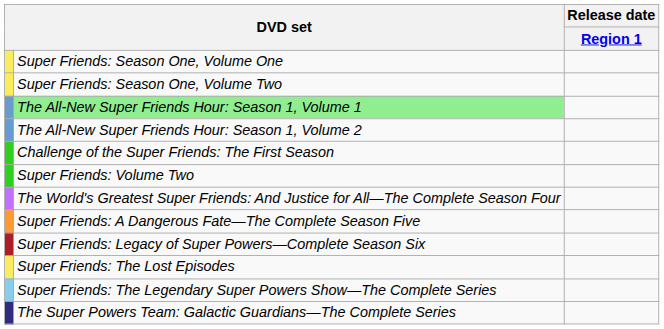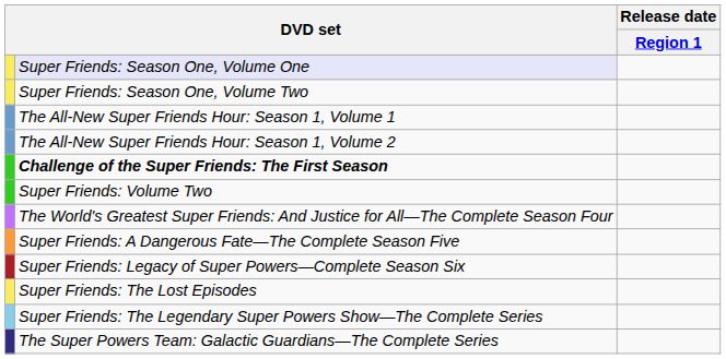 <table class=wikitable style="text-align:center">
 <tr>
 <th rowspan=2 colspan=2>DVD set</th>
 <th colspan=3>Release date</th>
 </tr>
 <tr>
 <th><a href='#'>Region 1</a></th>
 </tr>
 <tr>
 <td style="width:3px; background:#FBEC5C"></td>
-<td align=left><em>Super Friends: Season One, Volume One</em></td>
+<td align=left style="background: lavender;"><em>Super Friends: Season One, Volume One</em></td>
 <td></td>
 </tr>
 <tr>
 <td bgcolor="FBEC5C"></td>
 <td align=left><em>Super Friends: Season One, Volume Two</em></td>
 <td></td>
 </tr>
 <tr>
 <td bgcolor="689CCF"></td>
-<td align=left style="background: lightgreen;"><em>The All-New Super Friends Hour: Season 1, Volume 1</em></td>
+<td align=left><em>The All-New Super Friends Hour: Season 1, Volume 1</em></td>
 <td></td>
 </tr>
 <tr>
 <td bgcolor="689CCF"></td>
 <td align=left><em>The All-New Super Friends Hour: Season 1, Volume 2</em></td>
 <td></td>
 </tr>
 <tr>
 <td bgcolor="2FCE1F"></td>
-<td align=left><em>Challenge of the Super Friends: The First Season</em></td>
+<td align=left><strong><em>Challenge of the Super Friends: The First Season</em></strong></td>
 <td></td>
 </tr>
 <tr>
 <td bgcolor="2FCE1F"></td>
 <td align=left><em>Super Friends: Volume Two</em></td>
 <td></td>
 </tr>
 <tr>
 <td bgcolor="C271FF"></td>
 <td align=left><em>The World's Greatest Super Friends: And Justice for All—The Complete Season Four</em></td>
 <td></td>
 </tr>
 <tr>
 <td bgcolor="FF9933"></td>
 <td align=left><em>Super Friends: A Dangerous Fate—The Complete Season Five</em></td>
 <td></td>
 </tr>
 <tr>
 <td bgcolor="AE1C26"></td>
 <td align=left><em>Super Friends: Legacy of Super Powers—Complete Season Six</em></td>
 <td></td>
 </tr>
 <tr>
 <td bgcolor="FBEC5D"></td>
 <td align=left><em>Super Friends: The Lost Episodes</em></td>
 <td></td>
 </tr>
 <tr>
 <td bgcolor="87CEEB"></td>
 <td align=left><em>Super Friends: The Legendary Super Powers Show—The Complete Series</em></td>
 <td></td>
 </tr>
 <tr>
 <td bgcolor="302A81"></td>
 <td align=left><em>The Super Powers Team: Galactic Guardians—The Complete Series</em></td>
 <td></td>
 </tr>
 </table>
